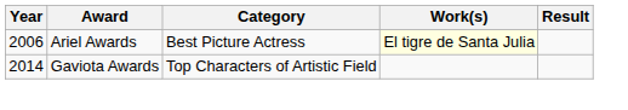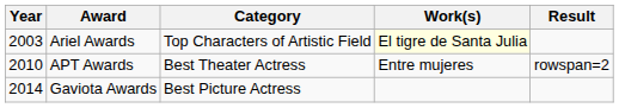 <table class="wikitable">
 <tr>
 <th>Year</th>
 <th>Award</th>
 <th>Category</th>
 <th>Work(s)</th>
 <th>Result</th>
 </tr>
 <tr>
-<td>2006</td>
+<td>2003</td>
 <td>Ariel Awards</td>
-<td>Best Picture Actress</td>
+<td>Top Characters of Artistic Field</td>
 <td style="background: lightyellow;">El tigre de Santa Julia</td>
 <td></td>
 </tr>
 <tr>
+<td>2010</td>
+<td>APT Awards</td>
+<td>Best Theater Actress</td>
+<td>Entre mujeres</td>
+<td>rowspan=2 </td>
+</tr>
+<tr>
 <td>2014</td>
 <td>Gaviota Awards</td>
-<td>Top Characters of Artistic Field</td>
+<td>Best Picture Actress</td>
 <td></td>
 </tr>
 </table>
